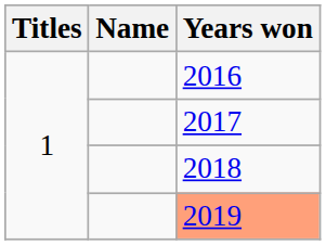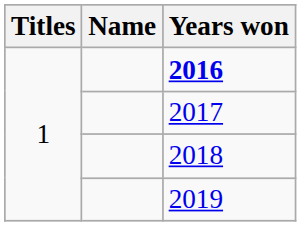 <table class="wikitable style="font-size:100%; text-align: left; width:70%">
 <tr>
 <th>Titles</th>
 <th>Name</th>
 <th>Years won</th>
 </tr>
 <tr>
 <td rowspan=4 align=center>1</td>
 <td></td>
-<td><a href='#'>2016</a></td>
+<td><strong><a href='#'>2016</a></strong></td>
 </tr>
 <tr>
 <td></td>
 <td><a href='#'>2017</a></td>
 </tr>
 <tr>
 <td></td>
 <td><a href='#'>2018</a></td>
 </tr>
 <tr>
 <td></td>
-<td style="background: lightsalmon;"><a href='#'>2019</a></td>
+<td><a href='#'>2019</a></td>
 </tr>
 </table>
